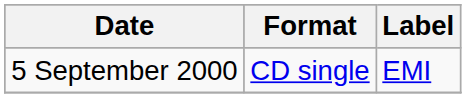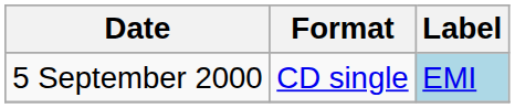 <table class="wikitable plainrowheaders">
 <tr>
 <th>Date</th>
 <th>Format</th>
 <th>Label</th>
 </tr>
 <tr>
 <td>5 September 2000</td>
 <td><a href='#'>CD single</a></td>
-<td><a href='#'>EMI</a></td>
+<td style="background: lightblue;"><a href='#'>EMI</a></td>
 </tr>
 <tr>
 </tr>
 </table>
